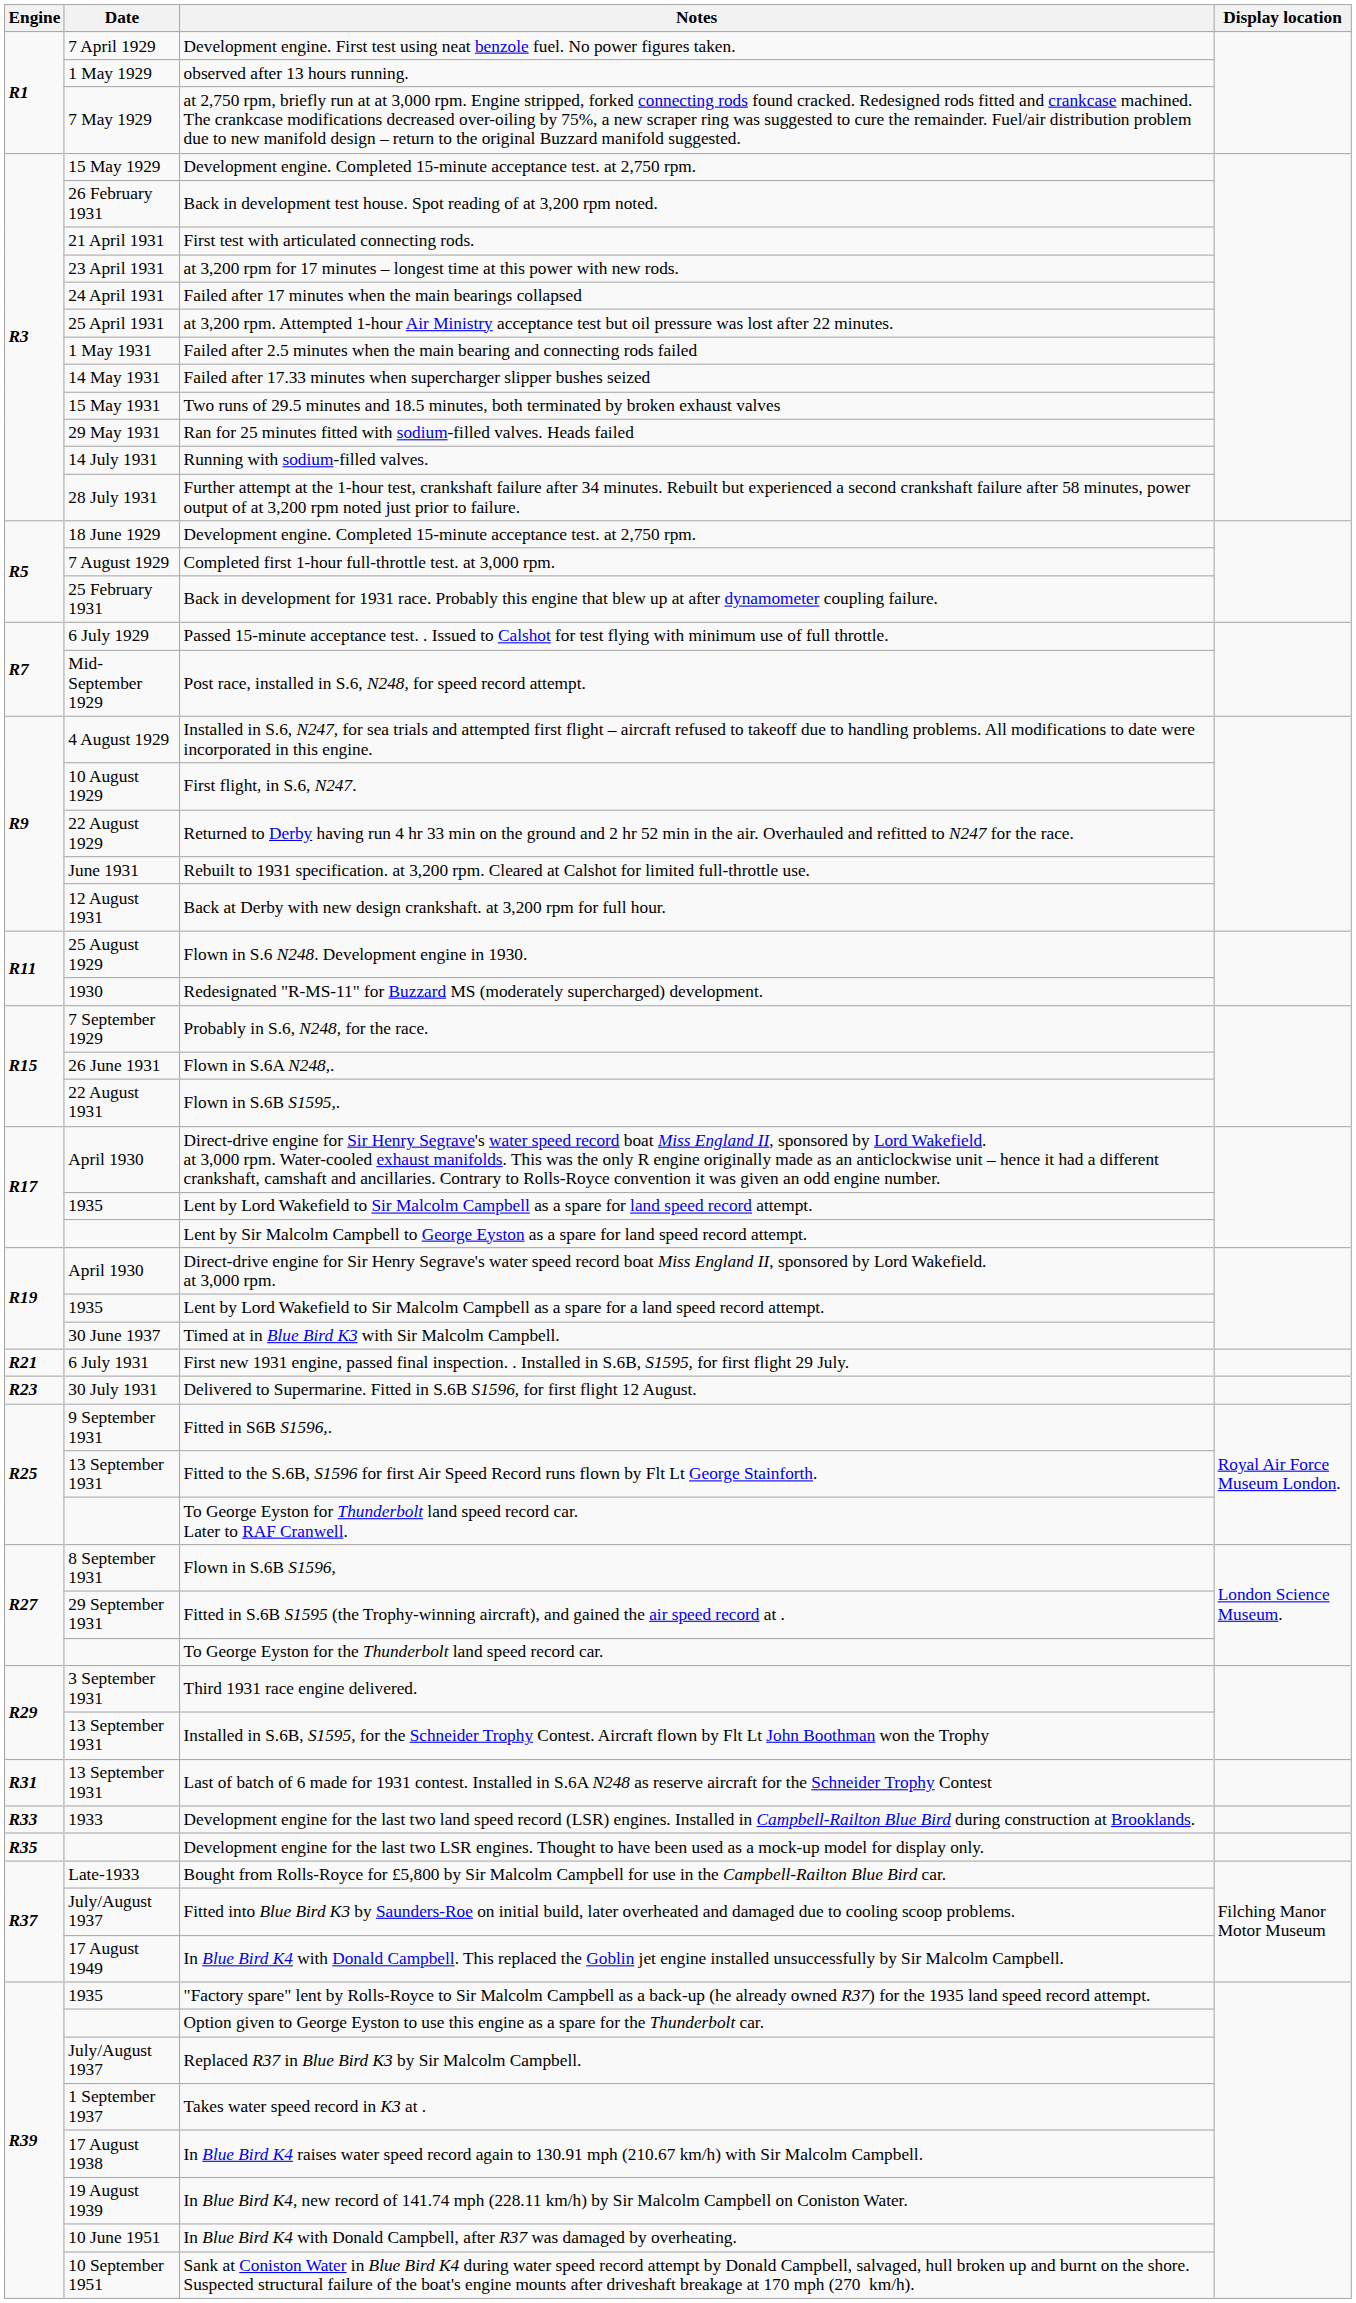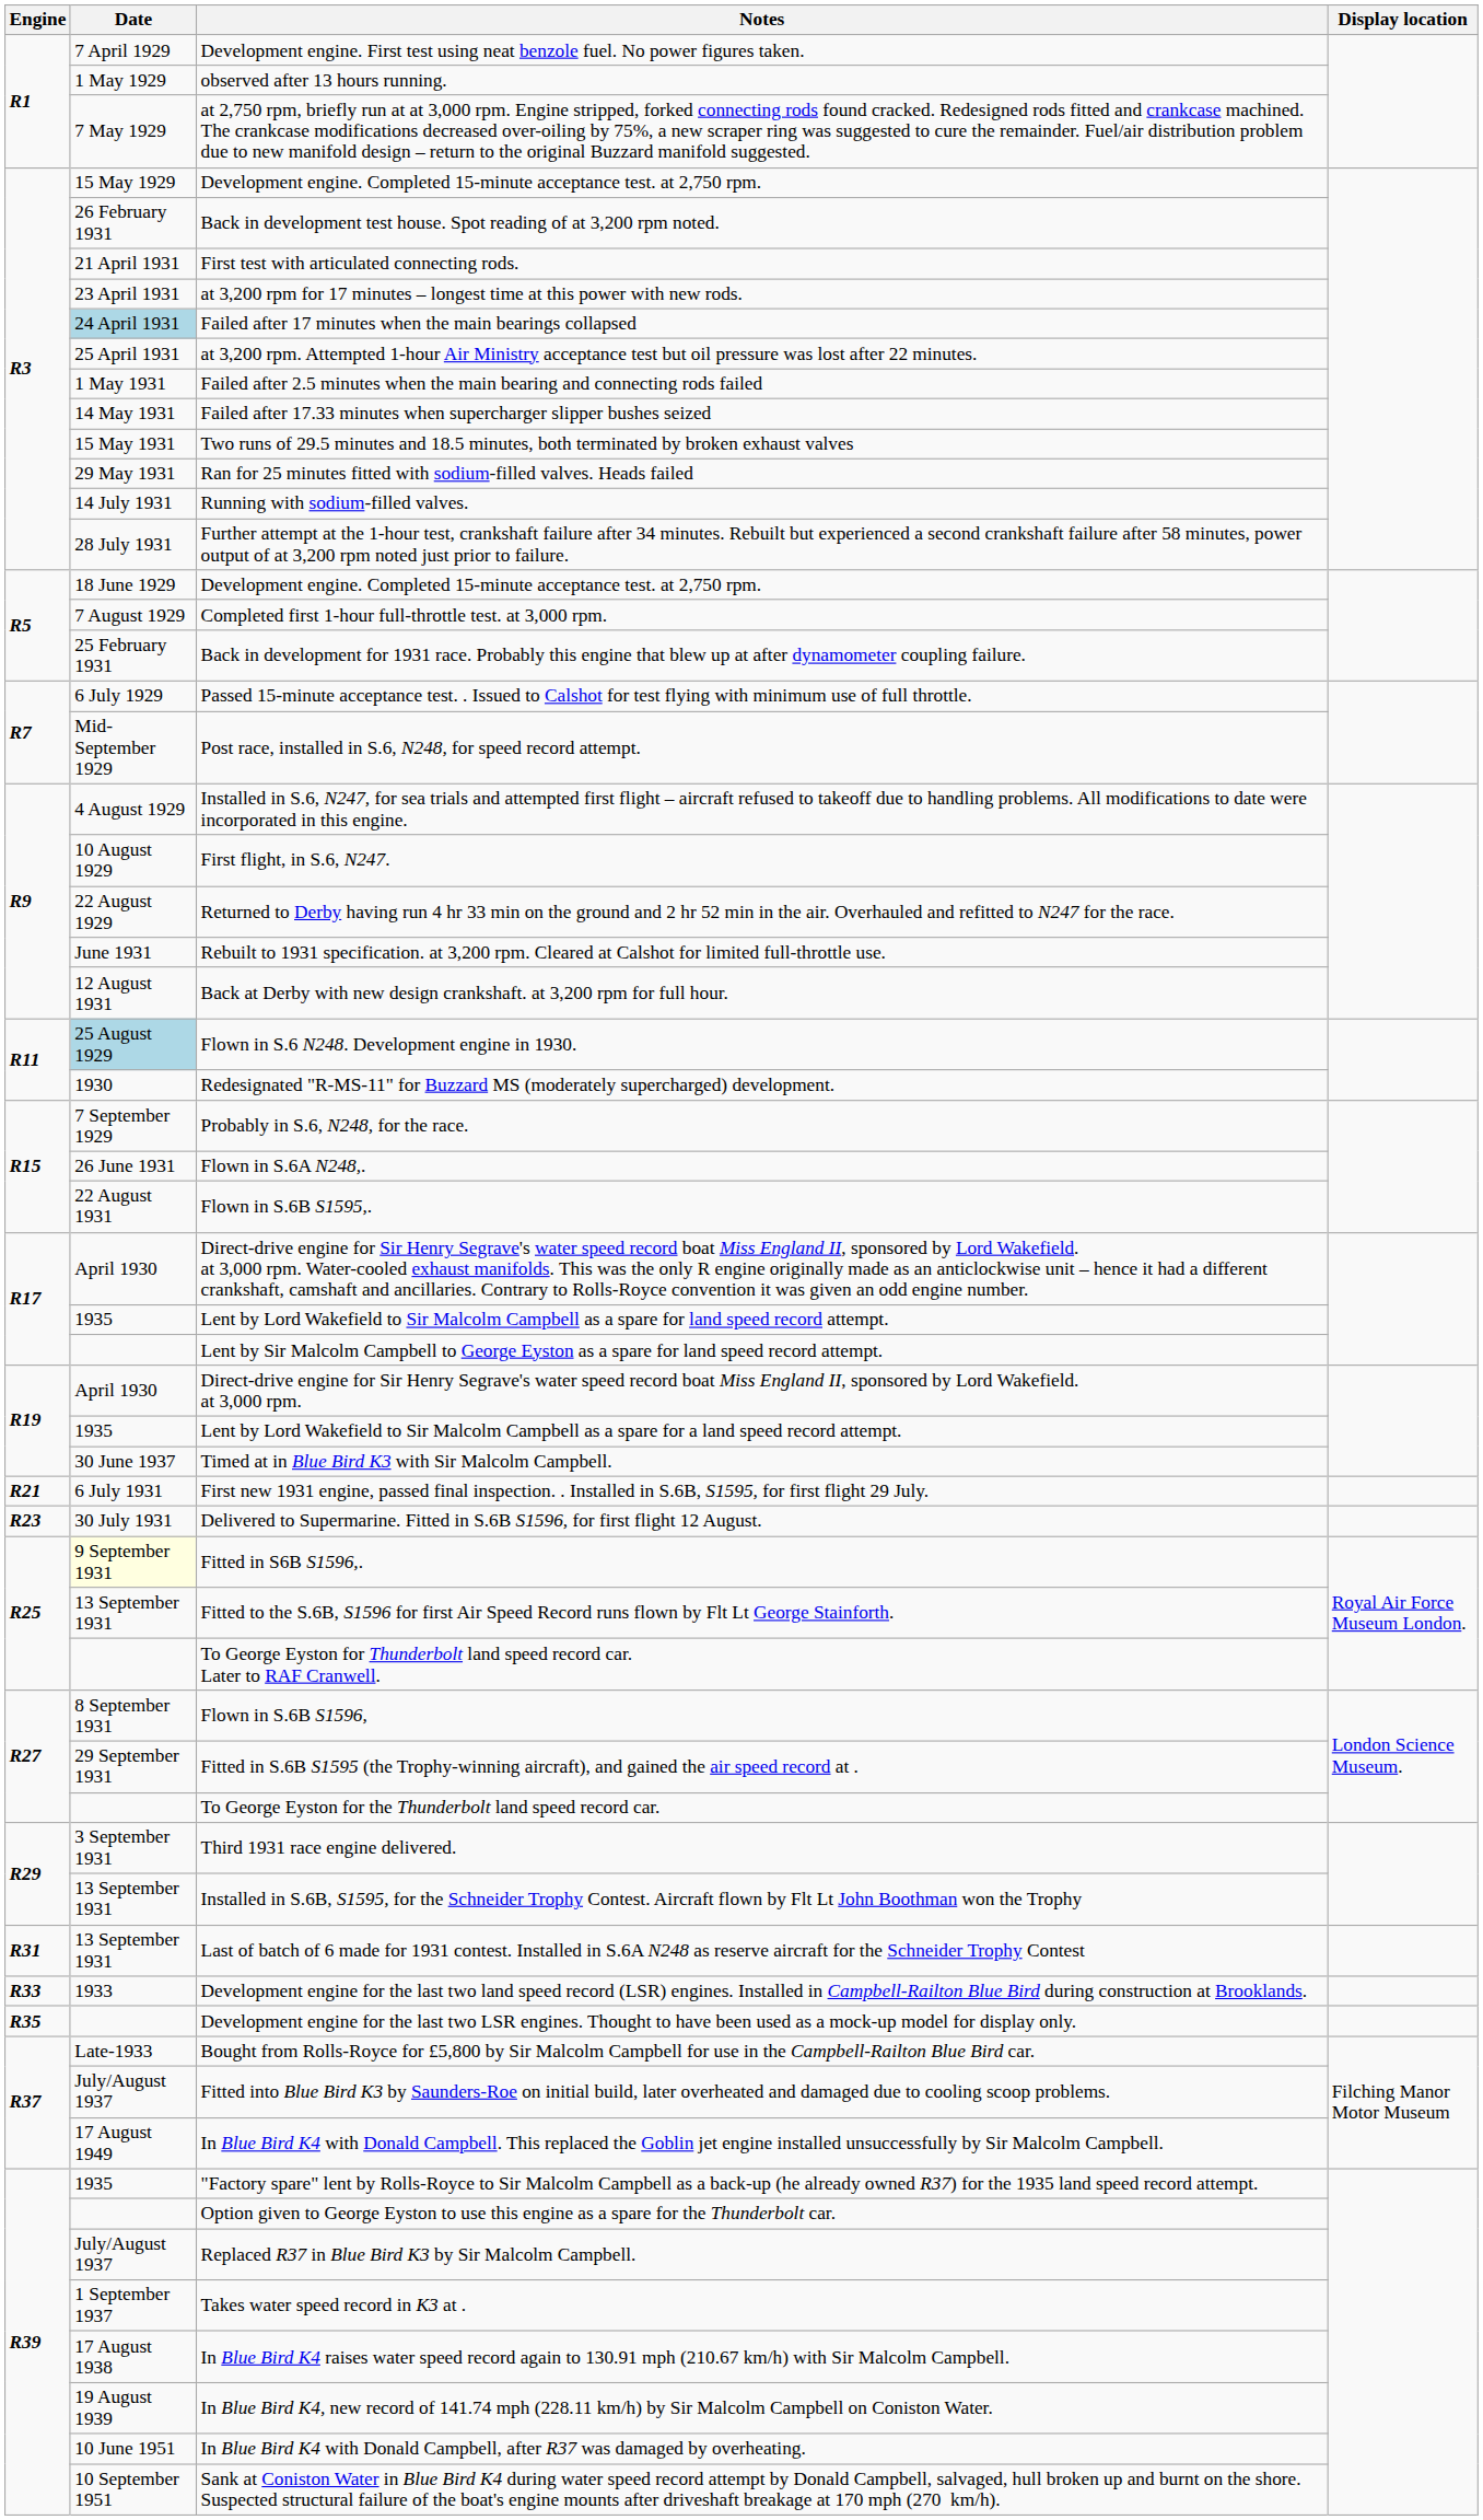 <table class="wikitable" style="border-collapse:collapse">
 <tr>
 <th>Engine</th>
 <th>Date</th>
 <th>Notes</th>
 <th>Display location</th>
 </tr>
 <tr>
 <td rowspan="3" style="border-bottom:3px #DDDDDD"><strong><em>R1</em></strong></td>
 <td>7 April 1929</td>
 <td>Development engine. First test using neat <a href='#'>benzole</a> fuel. No power figures taken.</td>
 <td rowspan="3" style="border-bottom:3px #DDDDDD"></td>
 </tr>
 <tr>
 <td>1 May 1929</td>
 <td> observed after 13 hours running.</td>
 </tr>
 <tr>
 <td style="border-bottom:3px #DDDDDD">7 May 1929</td>
 <td style="border-bottom:3px #DDDDDD"> at 2,750 rpm, briefly run at  at 3,000 rpm. Engine stripped, forked <a href='#'>connecting rods</a> found cracked. Redesigned rods fitted and <a href='#'>crankcase</a> machined. The crankcase modifications decreased over-oiling by 75%, a new scraper ring was suggested to cure the remainder. Fuel/air distribution problem due to new manifold design – return to the original Buzzard manifold suggested.</td>
 </tr>
 <tr>
 <td rowspan="12" style="border-bottom:3px #DDDDDD"><strong><em>R3</em></strong></td>
 <td>15 May 1929</td>
 <td>Development engine. Completed 15-minute acceptance test.  at 2,750 rpm.</td>
 <td rowspan="12" style="border-bottom:3px #DDDDDD"></td>
 </tr>
 <tr>
 <td>26 February 1931</td>
 <td>Back in development test house. Spot reading of  at 3,200 rpm noted.</td>
 </tr>
 <tr>
 <td>21 April 1931</td>
 <td>First test with articulated connecting rods.</td>
 </tr>
 <tr>
 <td>23 April 1931</td>
 <td> at 3,200 rpm for 17 minutes – longest time at this power with new rods.</td>
 </tr>
 <tr>
-<td>24 April 1931</td>
+<td style="background: lightblue;">24 April 1931</td>
 <td>Failed after 17 minutes when the main bearings collapsed</td>
 </tr>
 <tr>
 <td>25 April 1931</td>
 <td> at 3,200 rpm. Attempted 1-hour <a href='#'>Air Ministry</a> acceptance test but oil pressure was lost after 22 minutes.</td>
 </tr>
 <tr>
 <td>1 May 1931</td>
 <td>Failed after 2.5 minutes when the main bearing and connecting rods failed</td>
 </tr>
 <tr>
 <td>14 May 1931</td>
 <td>Failed after 17.33 minutes when supercharger slipper bushes seized</td>
 </tr>
 <tr>
 <td>15 May 1931</td>
 <td>Two runs of 29.5 minutes and 18.5 minutes, both terminated by broken exhaust valves</td>
 </tr>
 <tr>
 <td>29 May 1931</td>
 <td>Ran for 25 minutes fitted with <a href='#'>sodium</a>-filled valves. Heads failed</td>
 </tr>
 <tr>
 <td>14 July 1931</td>
 <td>Running with <a href='#'>sodium</a>-filled valves.</td>
 </tr>
 <tr>
 <td style="border-bottom:3px #DDDDDD;">28 July 1931</td>
 <td style="border-bottom:3px #DDDDDD;">Further attempt at the 1-hour test, crankshaft failure after 34 minutes. Rebuilt but experienced a second crankshaft failure after 58 minutes, power output of  at 3,200 rpm noted just prior to failure.</td>
 </tr>
 <tr>
 <td rowspan="3" style="border-bottom:3px #DDDDDD"><strong><em>R5</em></strong></td>
 <td>18 June 1929</td>
 <td>Development engine. Completed 15-minute acceptance test.  at 2,750 rpm.</td>
 <td rowspan="3" style="border-bottom:3px #DDDDDD"></td>
 </tr>
 <tr>
 <td>7 August 1929</td>
 <td>Completed first 1-hour full-throttle test.  at 3,000 rpm.</td>
 </tr>
 <tr>
 <td style="border-bottom:3px #DDDDDD">25 February 1931</td>
 <td style="border-bottom:3px #DDDDDD;">Back in development for 1931 race. Probably this engine that blew up at  after <a href='#'>dynamometer</a> coupling failure.</td>
 </tr>
 <tr>
 <td rowspan="2" style="border-bottom:3px #DDDDDD"><strong><em>R7</em></strong></td>
 <td>6 July 1929</td>
 <td>Passed 15-minute acceptance test. . Issued to <a href='#'>Calshot</a> for test flying with minimum use of full throttle.</td>
 <td rowspan="2" style="border-bottom:3px #DDDDDD"></td>
 </tr>
 <tr>
 <td style="border-bottom:3px #DDDDDD">Mid-September 1929</td>
 <td style="border-bottom:3px #DDDDDD;">Post race, installed in S.6, <em>N248,</em> for speed record attempt.</td>
 </tr>
 <tr>
 <td rowspan="5" style="border-bottom:3px #DDDDDD"><strong><em>R9</em></strong></td>
 <td>4 August 1929</td>
 <td>Installed in S.6, <em>N247,</em> for sea trials and attempted first flight – aircraft refused to takeoff due to handling problems. All modifications to date were incorporated in this engine.</td>
 <td rowspan="5" style="border-bottom:3px #DDDDDD"></td>
 </tr>
 <tr>
 <td>10 August 1929</td>
 <td>First flight, in S.6, <em>N247</em>.</td>
 </tr>
 <tr>
 <td>22 August 1929</td>
 <td>Returned to <a href='#'>Derby</a> having run 4 hr 33 min on the ground and 2 hr 52 min in the air. Overhauled and refitted to <em>N247</em> for the race.</td>
 </tr>
 <tr>
 <td>June 1931</td>
 <td>Rebuilt to 1931 specification.  at 3,200 rpm. Cleared at Calshot for limited full-throttle use.</td>
 </tr>
 <tr>
 <td style="border-bottom:3px #DDDDDD">12 August 1931</td>
 <td style="border-bottom:3px #DDDDDD;">Back at Derby with new design crankshaft.  at 3,200 rpm for full hour.</td>
 </tr>
 <tr>
 <td rowspan="2" style="border-bottom:3px #DDDDDD"><strong><em>R11</em></strong></td>
-<td>25 August 1929</td>
+<td style="background: lightblue;">25 August 1929</td>
 <td>Flown in S.6 <em>N248</em>. Development engine in 1930.</td>
 <td rowspan="2" style="border-bottom:3px #DDDDDD"></td>
 </tr>
 <tr>
 <td style="border-bottom:3px #DDDDDD">1930</td>
 <td style="border-bottom:3px #DDDDDD;">Redesignated "R-MS-11" for <a href='#'>Buzzard</a> MS (moderately supercharged) development.</td>
 </tr>
 <tr>
 <td rowspan="3" style="border-bottom:3px #DDDDDD"><strong><em>R15</em></strong></td>
 <td>7 September 1929</td>
 <td>Probably in S.6, <em>N248,</em> for the race.</td>
 <td rowspan="3" style="border-bottom:3px #DDDDDD"></td>
 </tr>
 <tr>
 <td style="border-bottom:3px #DDDDDD">26 June 1931</td>
 <td style="border-bottom:3px #DDDDDD;">Flown in S.6A <em>N248,</em>.</td>
 </tr>
 <tr>
 <td style="border-bottom:3px #DDDDDD">22 August 1931</td>
 <td style="border-bottom:3px #DDDDDD;">Flown in S.6B <em>S1595,</em>.</td>
 </tr>
 <tr>
 <td rowspan="3" style="border-bottom:3px #DDDDDD"><strong><em>R17</em></strong></td>
 <td>April 1930</td>
 <td>Direct-drive engine for <a href='#'>Sir Henry Segrave</a>'s <a href='#'>water speed record</a> boat <em><a href='#'>Miss England II</a></em>, sponsored by <a href='#'>Lord Wakefield</a>.<br> at 3,000 rpm. Water-cooled <a href='#'>exhaust manifolds</a>. This was the only R engine originally made as an anticlockwise unit – hence it had a different crankshaft, camshaft and ancillaries. Contrary to Rolls-Royce convention it was given an odd engine number.</td>
 <td rowspan="3" style="border-bottom:3px #DDDDDD"></td>
 </tr>
 <tr>
 <td>1935</td>
 <td>Lent by Lord Wakefield to <a href='#'>Sir Malcolm Campbell</a> as a spare for <a href='#'>land speed record</a> attempt.</td>
 </tr>
 <tr>
 <td style="border-bottom:3px #DDDDDD"></td>
 <td style="border-bottom:3px #DDDDDD;">Lent by Sir Malcolm Campbell to <a href='#'>George Eyston</a> as a spare for land speed record attempt.</td>
 </tr>
 <tr>
 <td rowspan="3" style="border-bottom:3px #DDDDDD"><strong><em>R19</em></strong></td>
 <td>April 1930</td>
 <td>Direct-drive engine for Sir Henry Segrave's water speed record boat <em>Miss England II</em>, sponsored by Lord Wakefield.<br> at 3,000 rpm.</td>
 <td rowspan="3" style="border-bottom:3px #DDDDDD"></td>
 </tr>
 <tr>
 <td>1935</td>
 <td>Lent by Lord Wakefield to Sir Malcolm Campbell as a spare for a land speed record attempt.</td>
 </tr>
 <tr>
 <td style="border-bottom:3px #DDDDDD;">30 June 1937</td>
 <td style="border-bottom:3px #DDDDDD;">Timed at  in <em><a href='#'>Blue Bird K3</a></em> with Sir Malcolm Campbell.</td>
 </tr>
 <tr>
 <td style="border-bottom:3px #DDDDDD;"><strong><em>R21</em></strong></td>
 <td style="border-bottom:3px #DDDDDD;">6 July 1931</td>
 <td style="border-bottom:3px #DDDDDD;">First new 1931 engine, passed final inspection. . Installed in S.6B, <em>S1595,</em> for first flight 29 July.</td>
 <td style="border-bottom:3px #DDDDDD;"></td>
 </tr>
 <tr>
 <td style="border-bottom:3px #DDDDDD;"><strong><em>R23</em></strong></td>
 <td style="border-bottom:3px #DDDDDD;">30 July 1931</td>
 <td style="border-bottom:3px #DDDDDD;">Delivered to Supermarine.  Fitted in S.6B <em>S1596,</em> for first flight 12 August.</td>
 <td style="border-bottom:3px #DDDDDD;"></td>
 </tr>
 <tr>
 <td rowspan="3" style="border-bottom:3px #DDDDDD"><strong><em>R25</em></strong></td>
-<td>9 September 1931</td>
+<td style="background: lightyellow;">9 September 1931</td>
 <td>Fitted in S6B <em>S1596,</em>.</td>
 <td rowspan="3" style="border-bottom:3px #DDDDDD"><a href='#'>Royal Air Force Museum London</a>.</td>
 </tr>
 <tr>
 <td>13 September 1931</td>
 <td>Fitted to the S.6B, <em>S1596</em> for first Air Speed Record runs flown by Flt Lt <a href='#'>George Stainforth</a>.</td>
 </tr>
 <tr>
 <td style="border-bottom:3px #DDDDDD;"></td>
 <td style="border-bottom:3px #DDDDDD;">To George Eyston for <em><a href='#'>Thunderbolt</a></em> land speed record car.<br>Later to <a href='#'>RAF Cranwell</a>.</td>
 </tr>
 <tr>
 <td rowspan="3" style="border-bottom:3px #DDDDDD"><strong><em>R27</em></strong></td>
 <td>8 September 1931</td>
 <td>Flown in S.6B <em>S1596,</em></td>
 <td rowspan="3" style="border-bottom:3px #DDDDDD"><a href='#'>London Science Museum</a>.</td>
 </tr>
 <tr>
 <td>29 September 1931</td>
 <td>Fitted in S.6B <em>S1595</em> (the Trophy-winning aircraft), and gained the <a href='#'>air speed record</a> at .</td>
 </tr>
 <tr>
 <td style="border-bottom:3px #DDDDDD;"></td>
 <td style="border-bottom:3px #DDDDDD;">To George Eyston for the <em>Thunderbolt</em> land speed record car.</td>
 </tr>
 <tr>
 <td rowspan="2" style="border-bottom:3px #DDDDDD"><strong><em>R29</em></strong></td>
 <td>3 September 1931</td>
 <td>Third 1931 race engine delivered.</td>
 <td rowspan="2" style="border-bottom:3px #DDDDDD"></td>
 </tr>
 <tr>
 <td style="border-bottom:3px #DDDDDD;">13 September 1931</td>
 <td style="border-bottom:3px #DDDDDD;">Installed in S.6B, <em>S1595,</em> for the <a href='#'>Schneider Trophy</a> Contest. Aircraft flown by Flt Lt <a href='#'>John Boothman</a> won the Trophy</td>
 </tr>
 <tr>
 <td style="border-bottom:3px #DDDDDD;"><strong><em>R31</em></strong></td>
 <td style="border-bottom:3px #DDDDDD;">13 September 1931</td>
 <td style="border-bottom:3px #DDDDDD;">Last of batch of 6 made for 1931 contest. Installed in S.6A <em>N248</em> as reserve aircraft for the <a href='#'>Schneider Trophy</a> Contest</td>
 <td style="border-bottom:3px #DDDDDD;"></td>
 </tr>
 <tr>
 <td style="border-bottom:3px #DDDDDD;"><strong><em>R33</em></strong></td>
 <td style="border-bottom:3px #DDDDDD;">1933</td>
 <td style="border-bottom:3px #DDDDDD;">Development engine for the last two land speed record (LSR) engines. Installed in <em><a href='#'>Campbell-Railton Blue Bird</a></em> during construction at <a href='#'>Brooklands</a>.</td>
 <td style="border-bottom:3px #DDDDDD;"></td>
 </tr>
 <tr>
 <td style="border-bottom:3px #DDDDDD;"><strong><em>R35</em></strong></td>
 <td style="border-bottom:3px #DDDDDD;"></td>
 <td style="border-bottom:3px #DDDDDD;">Development engine for the last two LSR engines. Thought to have been used as a mock-up model for display only.</td>
 <td style="border-bottom:3px #DDDDDD;"></td>
 </tr>
 <tr>
 <td rowspan="3" style="border-bottom:3px #DDDDDD"><strong><em>R37</em></strong></td>
 <td>Late-1933</td>
 <td>Bought from Rolls-Royce for £5,800 by Sir Malcolm Campbell for use in the <em>Campbell-Railton Blue Bird</em> car.</td>
 <td rowspan="3" style="border-bottom:3px #DDDDDD">Filching Manor Motor Museum</td>
 </tr>
 <tr>
 <td>July/August 1937</td>
 <td>Fitted into <em>Blue Bird K3</em> by <a href='#'>Saunders-Roe</a> on initial build, later overheated and damaged due to cooling scoop problems.</td>
 </tr>
 <tr>
 <td style="border-bottom:3px #DDDDDD;">17 August 1949</td>
 <td style="border-bottom:3px #DDDDDD;">In <em><a href='#'>Blue Bird K4</a></em> with <a href='#'>Donald Campbell</a>. This replaced the <a href='#'>Goblin</a> jet engine installed unsuccessfully by Sir Malcolm Campbell.</td>
 </tr>
 <tr>
 <td rowspan="8" style="border-bottom:3px #DDDDDD"><strong><em>R39</em></strong></td>
 <td>1935</td>
 <td>"Factory spare" lent by Rolls-Royce to Sir Malcolm Campbell as a back-up (he already owned <em>R37</em>) for the 1935 land speed record attempt.</td>
 <td rowspan="8" style="border-bottom:3px #DDDDDD"></td>
 </tr>
 <tr>
 <td></td>
 <td>Option given to George Eyston to use this engine as a spare for the <em>Thunderbolt</em> car.</td>
 </tr>
 <tr>
 <td>July/August 1937</td>
 <td>Replaced  <em>R37</em> in <em>Blue Bird K3</em> by Sir Malcolm Campbell.</td>
 </tr>
 <tr>
 <td>1 September 1937</td>
 <td>Takes water speed record in <em>K3</em> at .</td>
 </tr>
 <tr>
 <td>17 August 1938</td>
 <td>In <em><a href='#'>Blue Bird K4</a></em> raises water speed record again to 130.91 mph (210.67 km/h) with Sir Malcolm Campbell.</td>
 </tr>
 <tr>
 <td>19 August 1939</td>
 <td>In <em>Blue Bird K4,</em> new record of 141.74 mph (228.11 km/h) by Sir Malcolm Campbell on Coniston Water.</td>
 </tr>
 <tr>
 <td>10 June 1951</td>
 <td>In <em>Blue Bird K4</em> with Donald Campbell, after <em>R37</em> was damaged by overheating.</td>
 </tr>
 <tr>
 <td>10 September 1951</td>
 <td>Sank at <a href='#'>Coniston Water</a> in <em>Blue Bird K4</em> during water speed record attempt by Donald Campbell, salvaged, hull broken up and burnt on the shore. Suspected structural failure of the boat's engine mounts after driveshaft breakage at 170 mph (270  km/h).</td>
 </tr>
 </table>
